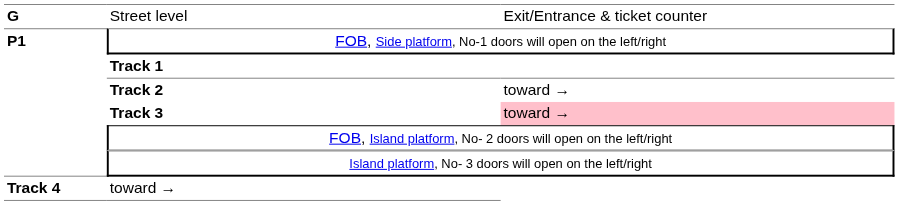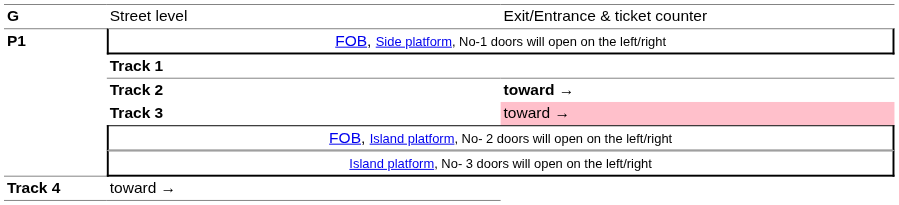 <table table border=0 cellspacing=0 cellpadding=3>
 <tr>
 <td style="border-top:solid 1px gray;" width=50 valign=top><strong>G</strong></td>
 <td style="border-top:solid 1px gray;" width=100 valign=top>Street level</td>
 <td style="border-top:solid 1px gray;" width=400 valign=top>Exit/Entrance & ticket counter</td>
 </tr>
 <tr>
 <td style="border-top:solid 1px gray;border-bottom:solid 1px gray;" width=50 rowspan=6 valign=top><strong>P1</strong></td>
 <td style="border-top:solid 1px gray;border-right:solid 2px black;border-left:solid 2px black;border-bottom:solid 2px black;text-align:center;" colspan=2><a href='#'>FOB</a>, <small><a href='#'>Side platform</a>, No-1 doors will open on the left/right</small></td>
 </tr>
 <tr>
 <td style="border-bottom:solid 1px gray;" width=100><strong>Track 1</strong></td>
 <td style="border-bottom:solid 1px gray;" width=400></td>
 </tr>
 <tr>
 <td><strong>Track 2</strong></td>
-<td>  toward →</td>
+<td><strong>  toward →</strong></td>
 </tr>
 <tr>
 <td><strong>Track 3</strong></td>
 <td style="background: pink;">  toward →</td>
 </tr>
 <tr>
 <td style="border-top:solid 1px black;border-right:solid 2px black;border-left:solid 2px black;border-bottom:solid 1px gray;text-align:center;" colspan=2><a href='#'>FOB</a>, <small><a href='#'>Island platform</a>, No- 2 doors will open on the left/right</small></td>
 </tr>
 <tr>
 <td style="border-top:solid 1px gray;border-right:solid 2px black;border-left:solid 2px black;border-bottom:solid 2px black;text-align:center;" colspan=2><small><a href='#'>Island platform</a>, No- 3 doors will open on the left/right</small></td>
 </tr>
 <tr>
 <td style="border-bottom:solid 1px gray;" width=100><strong>Track 4</strong></td>
 <td style="border-bottom:solid 1px gray;" width=400>toward →</td>
 </tr>
 </table>
